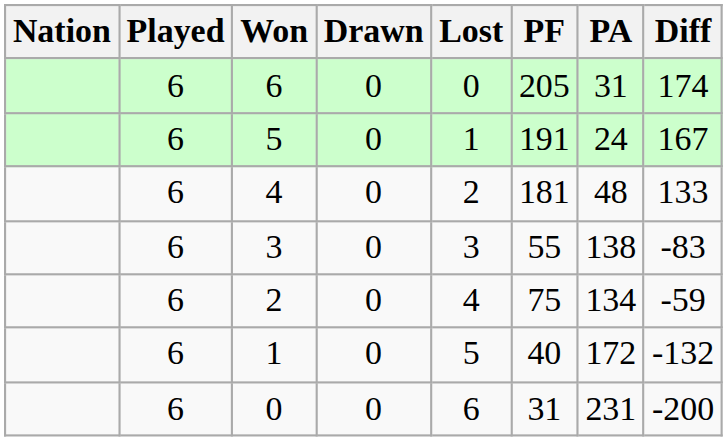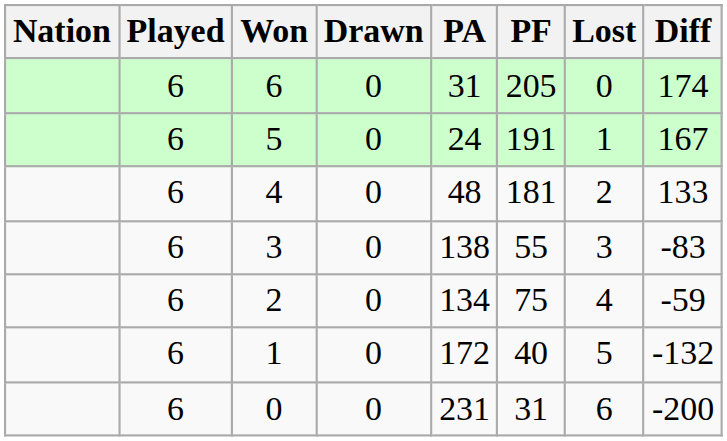 <table class="wikitable" style="text-align:center;">
 <tr>
 <th>Nation</th>
 <th>Played</th>
 <th>Won</th>
 <th>Drawn</th>
+<th>PA</th>
+<th>PF</th>
 <th>Lost</th>
-<th>PF</th>
-<th>PA</th>
 <th>Diff</th>
 </tr>
 <tr bgcolor=ccffcc>
 <td align=left></td>
 <td>6</td>
 <td>6</td>
 <td>0</td>
+<td>31</td>
+<td>205</td>
 <td>0</td>
-<td>205</td>
-<td>31</td>
 <td>174</td>
 </tr>
 <tr bgcolor=ccffcc>
 <td align=left></td>
 <td>6</td>
 <td>5</td>
 <td>0</td>
+<td>24</td>
+<td>191</td>
 <td>1</td>
-<td>191</td>
-<td>24</td>
 <td>167</td>
 </tr>
 <tr>
 <td align=left></td>
 <td>6</td>
 <td>4</td>
 <td>0</td>
+<td>48</td>
+<td>181</td>
 <td>2</td>
-<td>181</td>
-<td>48</td>
 <td>133</td>
 </tr>
 <tr>
 <td align=left></td>
 <td>6</td>
 <td>3</td>
 <td>0</td>
+<td>138</td>
+<td>55</td>
 <td>3</td>
-<td>55</td>
-<td>138</td>
 <td>-83</td>
 </tr>
 <tr>
 <td align=left></td>
 <td>6</td>
 <td>2</td>
 <td>0</td>
+<td>134</td>
+<td>75</td>
 <td>4</td>
-<td>75</td>
-<td>134</td>
 <td>-59</td>
 </tr>
 <tr>
 <td align=left></td>
 <td>6</td>
 <td>1</td>
 <td>0</td>
+<td>172</td>
+<td>40</td>
 <td>5</td>
-<td>40</td>
-<td>172</td>
 <td>-132</td>
 </tr>
 <tr>
 <td align=left></td>
 <td>6</td>
 <td>0</td>
 <td>0</td>
+<td>231</td>
+<td>31</td>
 <td>6</td>
-<td>31</td>
-<td>231</td>
 <td>-200</td>
 </tr>
 </table>
